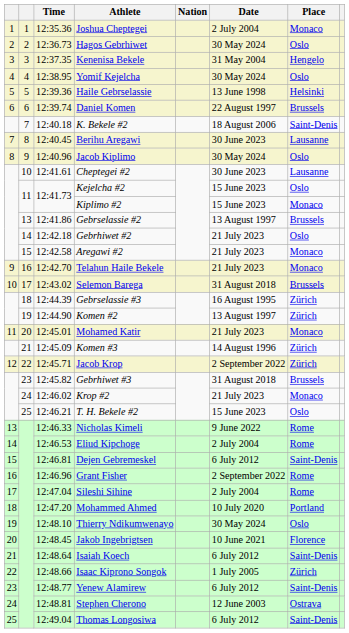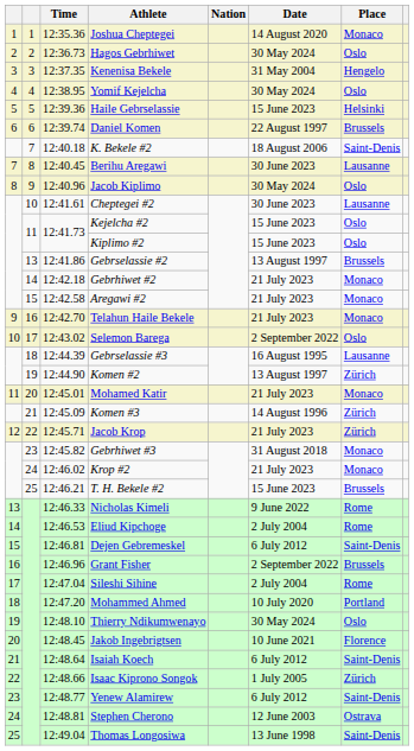 <table class="wikitable sortable" style="display: inline-table">
 <tr>
 <th></th>
 <th></th>
 <th>Time</th>
 <th>Athlete</th>
 <th>Nation</th>
 <th>Date</th>
 <th>Place</th>
 <th class="unsortable"></th>
 </tr>
 <tr bgcolor="#f6F5CE">
 <td align=center>1</td>
 <td align=center>1</td>
 <td>12:35.36</td>
 <td><a href='#'>Joshua Cheptegei</a></td>
 <td></td>
-<td>2 July 2004</td>
+<td>14 August 2020</td>
 <td><a href='#'>Monaco</a></td>
 <td></td>
 </tr>
 <tr bgcolor="#f6F5CE">
 <td align=center>2</td>
 <td align=center>2</td>
 <td>12:36.73</td>
 <td><a href='#'>Hagos Gebrhiwet</a></td>
 <td></td>
 <td>30 May 2024</td>
 <td><a href='#'>Oslo</a></td>
 <td></td>
 </tr>
 <tr bgcolor="#f6F5CE">
 <td align=center>3</td>
 <td align=center>3</td>
 <td>12:37.35</td>
 <td><a href='#'>Kenenisa Bekele</a></td>
 <td></td>
 <td>31 May 2004</td>
 <td><a href='#'>Hengelo</a></td>
 <td></td>
 </tr>
 <tr bgcolor="#f6F5CE">
 <td align=center>4</td>
 <td align=center>4</td>
 <td>12:38.95</td>
 <td><a href='#'>Yomif Kejelcha</a></td>
 <td></td>
 <td>30 May 2024</td>
 <td><a href='#'>Oslo</a></td>
 <td></td>
 </tr>
 <tr bgcolor="#f6F5CE">
 <td align=center>5</td>
 <td align=center>5</td>
 <td>12:39.36</td>
 <td><a href='#'>Haile Gebrselassie</a></td>
 <td></td>
-<td>13 June 1998</td>
+<td>15 June 2023</td>
 <td><a href='#'>Helsinki</a></td>
 <td></td>
 </tr>
 <tr bgcolor="#f6F5CE">
 <td align=center>6</td>
 <td align=center>6</td>
 <td>12:39.74</td>
 <td><a href='#'>Daniel Komen</a></td>
 <td></td>
 <td>22 August 1997</td>
 <td><a href='#'>Brussels</a></td>
 <td></td>
 </tr>
 <tr>
 <td></td>
 <td align=center>7</td>
 <td>12:40.18</td>
 <td><em>K. Bekele #2</em></td>
 <td></td>
 <td>18 August 2006</td>
 <td><a href='#'>Saint-Denis</a></td>
 <td></td>
 </tr>
 <tr bgcolor="#f6F5CE">
 <td align=center>7</td>
 <td align=center>8</td>
 <td>12:40.45</td>
 <td><a href='#'>Berihu Aregawi</a></td>
 <td></td>
 <td>30 June 2023</td>
 <td><a href='#'>Lausanne</a></td>
 <td></td>
 </tr>
 <tr bgcolor="#f6F5CE">
 <td align=center>8</td>
 <td align=center>9</td>
 <td>12:40.96</td>
 <td><a href='#'>Jacob Kiplimo</a></td>
 <td></td>
 <td>30 May 2024</td>
 <td><a href='#'>Oslo</a></td>
 <td></td>
 </tr>
 <tr>
 <td rowspan=6></td>
 <td align=center>10</td>
 <td>12:41.61</td>
 <td><em>Cheptegei #2</em></td>
 <td rowspan=6></td>
 <td>30 June 2023</td>
 <td><a href='#'>Lausanne</a></td>
 <td></td>
 </tr>
 <tr>
 <td rowspan=2 align="center">11</td>
 <td rowspan=2>12:41.73</td>
 <td><em>Kejelcha #2</em></td>
 <td>15 June 2023</td>
 <td><a href='#'>Oslo</a></td>
 <td></td>
 </tr>
 <tr>
 <td><em>Kiplimo #2</em></td>
 <td>15 June 2023</td>
-<td><a href='#'>Monaco</a></td>
+<td><a href='#'>Oslo</a></td>
 <td></td>
 </tr>
 <tr>
 <td align="center">13</td>
 <td>12:41.86</td>
 <td><em>Gebrselassie #2</em></td>
 <td>13 August 1997</td>
 <td><a href='#'>Brussels</a></td>
 <td></td>
 </tr>
 <tr>
 <td align="center">14</td>
 <td>12:42.18</td>
 <td><em>Gebrhiwet #2</em></td>
 <td>21 July 2023</td>
-<td><a href='#'>Oslo</a></td>
+<td><a href='#'>Monaco</a></td>
 <td></td>
 </tr>
 <tr>
 <td align="center">15</td>
 <td>12:42.58</td>
 <td><em>Aregawi #2</em></td>
 <td>21 July 2023</td>
 <td><a href='#'>Monaco</a></td>
 <td></td>
 </tr>
 <tr bgcolor="#f6F5CE">
 <td align=center>9</td>
 <td align=center>16</td>
 <td align=center>12:42.70</td>
 <td><a href='#'>Telahun Haile Bekele</a></td>
 <td></td>
 <td>21 July 2023</td>
 <td><a href='#'>Monaco</a></td>
 <td></td>
 </tr>
 <tr bgcolor="#f6F5CE">
 <td align="center">10</td>
 <td align="center">17</td>
 <td>12:43.02</td>
 <td><a href='#'>Selemon Barega</a></td>
 <td></td>
-<td>31 August 2018</td>
-<td><a href='#'>Brussels</a></td>
+<td>2 September 2022</td>
+<td><a href='#'>Oslo</a></td>
 <td></td>
 </tr>
 <tr>
 <td rowspan="2"></td>
 <td align="center">18</td>
 <td>12:44.39</td>
 <td><em>Gebrselassie #3</em></td>
 <td rowspan="2"></td>
 <td>16 August 1995</td>
-<td><a href='#'>Zürich</a></td>
+<td><a href='#'>Lausanne</a></td>
 <td></td>
 </tr>
 <tr>
 <td align="center">19</td>
 <td>12:44.90</td>
 <td><em>Komen #2</em></td>
 <td>13 August 1997</td>
 <td><a href='#'>Zürich</a></td>
 <td></td>
 </tr>
 <tr bgcolor="#f6F5CE">
 <td align="center">11</td>
 <td align="center">20</td>
 <td>12:45.01</td>
 <td><a href='#'>Mohamed Katir</a></td>
 <td></td>
 <td>21 July 2023</td>
 <td><a href='#'>Monaco</a></td>
 <td></td>
 </tr>
 <tr>
 <td></td>
 <td align="center">21</td>
 <td>12:45.09</td>
 <td><em>Komen #3</em></td>
 <td></td>
 <td>14 August 1996</td>
 <td><a href='#'>Zürich</a></td>
 <td></td>
 </tr>
 <tr bgcolor="#f6F5CE">
 <td align="center">12</td>
 <td align="center">22</td>
 <td>12:45.71</td>
 <td><a href='#'>Jacob Krop</a></td>
 <td></td>
-<td>2 September 2022</td>
+<td>21 July 2023</td>
 <td><a href='#'>Zürich</a></td>
 <td></td>
 </tr>
 <tr>
 <td rowspan=3></td>
 <td align="center">23</td>
 <td>12:45.82</td>
 <td><em>Gebrhiwet #3</em></td>
 <td rowspan=3></td>
 <td>31 August 2018</td>
-<td><a href='#'>Brussels</a></td>
+<td><a href='#'>Monaco</a></td>
 <td></td>
 </tr>
 <tr>
 <td align=center>24</td>
 <td>12:46.02</td>
 <td><em>Krop #2</em></td>
 <td>21 July 2023</td>
 <td><a href='#'>Monaco</a></td>
 <td></td>
 </tr>
 <tr>
 <td align=center>25</td>
 <td>12:46.21</td>
 <td><em>T. H. Bekele #2</em></td>
 <td>15 June 2023</td>
-<td><a href='#'>Oslo</a></td>
+<td><a href='#'>Brussels</a></td>
 <td></td>
 </tr>
 <tr bgcolor="#CCFFCC">
 <td align="center">13</td>
 <td rowspan="13" align="center"></td>
 <td>12:46.33</td>
 <td><a href='#'>Nicholas Kimeli</a></td>
 <td></td>
 <td>9 June 2022</td>
 <td><a href='#'>Rome</a></td>
 <td></td>
 </tr>
 <tr bgcolor="#CCFFCC">
 <td align="center">14</td>
 <td>12:46.53</td>
 <td><a href='#'>Eliud Kipchoge</a></td>
 <td></td>
 <td>2 July 2004</td>
 <td><a href='#'>Rome</a></td>
 <td></td>
 </tr>
 <tr bgcolor="#CCFFCC">
 <td align="center">15</td>
 <td>12:46.81</td>
 <td><a href='#'>Dejen Gebremeskel</a></td>
 <td></td>
 <td>6 July 2012</td>
 <td><a href='#'>Saint-Denis</a></td>
 <td></td>
 </tr>
 <tr bgcolor="#CCFFCC">
 <td align="center">16</td>
 <td>12:46.96</td>
 <td><a href='#'>Grant Fisher</a></td>
 <td></td>
 <td>2 September 2022</td>
-<td><a href='#'>Rome</a></td>
+<td><a href='#'>Brussels</a></td>
 <td></td>
 </tr>
 <tr bgcolor="#CCFFCC">
 <td align="center">17</td>
 <td>12:47.04</td>
 <td><a href='#'>Sileshi Sihine</a></td>
 <td></td>
 <td>2 July 2004</td>
 <td><a href='#'>Rome</a></td>
 <td></td>
 </tr>
 <tr bgcolor="#CCFFCC">
 <td align="center">18</td>
 <td>12:47.20</td>
 <td><a href='#'>Mohammed Ahmed</a></td>
 <td></td>
 <td>10 July 2020</td>
 <td><a href='#'>Portland</a></td>
 <td></td>
 </tr>
 <tr bgcolor="#CCFFCC">
 <td align="center">19</td>
 <td>12:48.10</td>
 <td><a href='#'>Thierry Ndikumwenayo</a></td>
 <td></td>
 <td>30 May 2024</td>
 <td><a href='#'>Oslo</a></td>
 <td></td>
 </tr>
 <tr bgcolor="#CCFFCC">
 <td align="center">20</td>
 <td>12:48.45</td>
 <td><a href='#'>Jakob Ingebrigtsen</a></td>
 <td></td>
 <td>10 June 2021</td>
 <td><a href='#'>Florence</a></td>
 <td></td>
 </tr>
 <tr bgcolor="#CCFFCC">
 <td align="center">21</td>
 <td>12:48.64</td>
 <td><a href='#'>Isaiah Koech</a></td>
 <td></td>
 <td>6 July 2012</td>
 <td><a href='#'>Saint-Denis</a></td>
 <td></td>
 </tr>
 <tr bgcolor="#CCFFCC">
 <td align="center">22</td>
 <td>12:48.66</td>
 <td><a href='#'>Isaac Kiprono Songok</a></td>
 <td></td>
 <td>1 July 2005</td>
 <td><a href='#'>Zürich</a></td>
 <td></td>
 </tr>
 <tr bgcolor="#CCFFCC">
 <td align="center">23</td>
 <td>12:48.77</td>
 <td><a href='#'>Yenew Alamirew</a></td>
 <td></td>
 <td>6 July 2012</td>
 <td><a href='#'>Saint-Denis</a></td>
 <td></td>
 </tr>
 <tr bgcolor="#CCFFCC">
 <td align="center">24</td>
 <td>12:48.81</td>
 <td><a href='#'>Stephen Cherono</a></td>
 <td></td>
 <td>12 June 2003</td>
 <td><a href='#'>Ostrava</a></td>
 <td></td>
 </tr>
 <tr bgcolor="#CCFFCC">
 <td align="center">25</td>
 <td>12:49.04</td>
 <td><a href='#'>Thomas Longosiwa</a></td>
 <td></td>
-<td>6 July 2012</td>
+<td>13 June 1998</td>
 <td><a href='#'>Saint-Denis</a></td>
 <td></td>
 </tr>
 </table>
